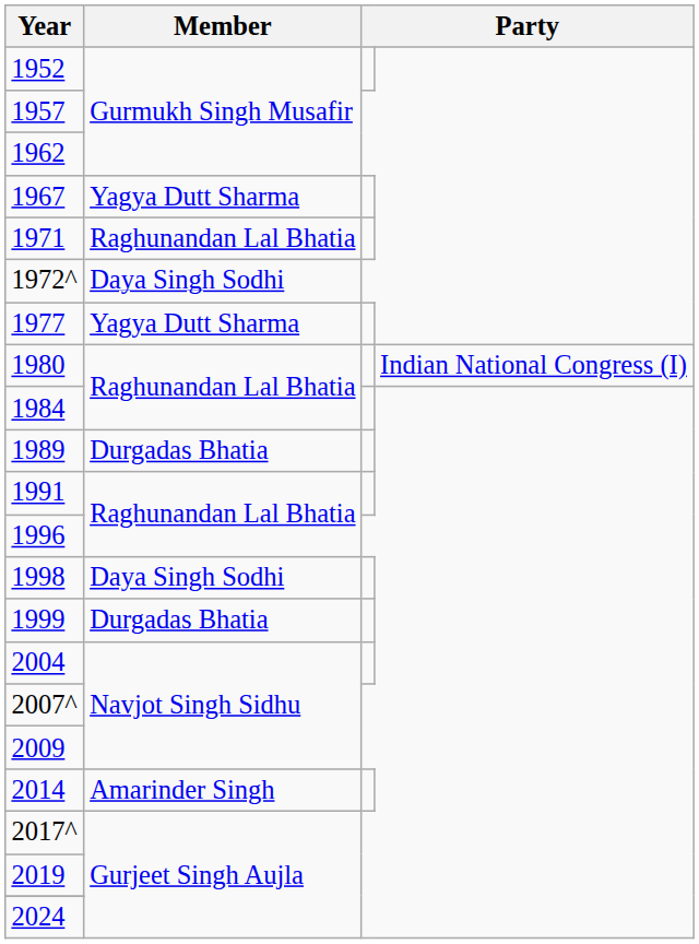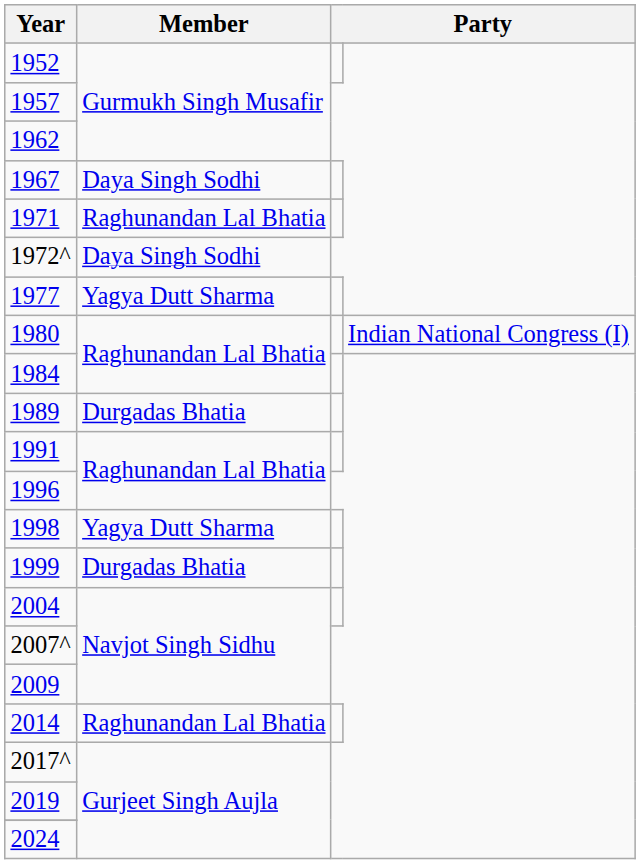 <table class="wikitable">
 <tr>
 <th>Year</th>
 <th>Member</th>
 <th colspan="2">Party</th>
 </tr>
 <tr>
 <td><a href='#'>1952</a></td>
 <td rowspan="3"><a href='#'>Gurmukh Singh Musafir</a></td>
 <td></td>
 </tr>
 <tr>
 <td><a href='#'>1957</a></td>
 </tr>
 <tr>
 <td><a href='#'>1962</a></td>
 </tr>
 <tr>
 <td><a href='#'>1967</a></td>
-<td><a href='#'>Yagya Dutt Sharma</a></td>
+<td><a href='#'>Daya Singh Sodhi</a></td>
 <td></td>
 </tr>
 <tr>
 <td><a href='#'>1971</a></td>
 <td><a href='#'>Raghunandan Lal Bhatia</a></td>
 <td></td>
 </tr>
 <tr>
 <td>1972^</td>
 <td><a href='#'>Daya Singh Sodhi</a></td>
 </tr>
 <tr>
 <td><a href='#'>1977</a></td>
 <td><a href='#'>Yagya Dutt Sharma</a></td>
 <td></td>
 </tr>
 <tr>
 <td><a href='#'>1980</a></td>
 <td rowspan="2"><a href='#'>Raghunandan Lal Bhatia</a></td>
 <td style="background-color: "></td>
 <td><a href='#'>Indian National Congress (I)</a></td>
 </tr>
 <tr>
 <td><a href='#'>1984</a></td>
 <td></td>
 </tr>
 <tr>
 <td><a href='#'>1989</a></td>
 <td><a href='#'>Durgadas Bhatia</a></td>
 <td></td>
 </tr>
 <tr>
 <td><a href='#'>1991</a></td>
 <td rowspan="2"><a href='#'>Raghunandan Lal Bhatia</a></td>
 <td></td>
 </tr>
 <tr>
 <td><a href='#'>1996</a></td>
 </tr>
 <tr>
 <td><a href='#'>1998</a></td>
-<td><a href='#'>Daya Singh Sodhi</a></td>
+<td><a href='#'>Yagya Dutt Sharma</a></td>
 <td></td>
 </tr>
 <tr>
 <td><a href='#'>1999</a></td>
 <td><a href='#'>Durgadas Bhatia</a></td>
 <td></td>
 </tr>
 <tr>
 <td><a href='#'>2004</a></td>
 <td rowspan="3"><a href='#'>Navjot Singh Sidhu</a></td>
 <td></td>
 </tr>
 <tr>
 <td>2007^</td>
 </tr>
 <tr>
 <td><a href='#'>2009</a></td>
 </tr>
 <tr>
 <td><a href='#'>2014</a></td>
-<td><a href='#'>Amarinder Singh</a></td>
+<td><a href='#'>Raghunandan Lal Bhatia</a></td>
 <td></td>
 </tr>
 <tr>
 <td>2017^</td>
 <td rowspan="4"><a href='#'>Gurjeet Singh Aujla</a></td>
 </tr>
 <tr>
 <td><a href='#'>2019</a></td>
 </tr>
 <tr>
 </tr>
 <tr>
 <td><a href='#'>2024</a></td>
 </tr>
 </table>
